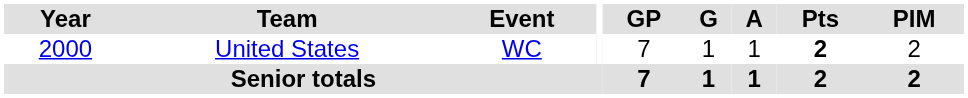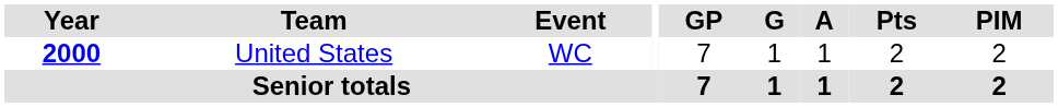 <table border="0" cellpadding="1" cellspacing="0" ID="Table3" style="text-align:center; width:40em">
 <tr bgcolor="#e0e0e0">
 <th>Year</th>
 <th>Team</th>
 <th>Event</th>
 <th rowspan="102" bgcolor="#ffffff"></th>
 <th>GP</th>
 <th>G</th>
 <th>A</th>
 <th>Pts</th>
 <th>PIM</th>
 </tr>
 <tr>
-<td><a href='#'>2000</a></td>
+<td><strong><a href='#'>2000</a></strong></td>
 <td><a href='#'>United States</a></td>
 <td><a href='#'>WC</a></td>
 <td>7</td>
 <td>1</td>
 <td>1</td>
-<td><strong>2</strong></td>
+<td>2</td>
 <td>2</td>
 </tr>
 <tr bgcolor="#e0e0e0">
 <th colspan="4">Senior totals</th>
 <th>7</th>
 <th>1</th>
 <th>1</th>
 <th>2</th>
 <th>2</th>
 </tr>
 </table>
